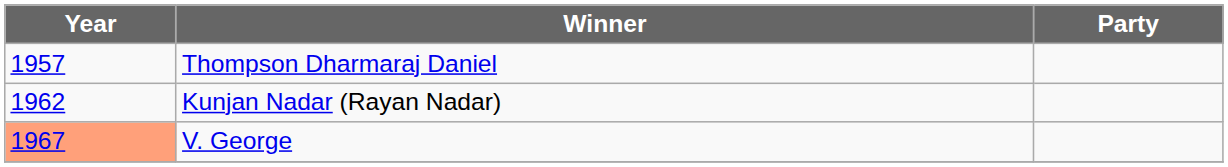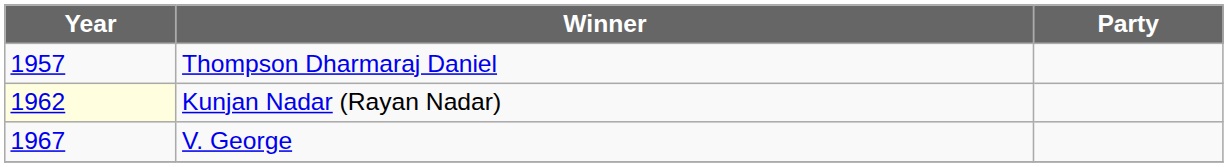 <table class="wikitable" width="50%">
 <tr>
 <th style="background-color:#666666; color:white">Year</th>
 <th style="background-color:#666666; color:white">Winner</th>
 <th style="background-color:#666666; color:white" colspan="2">Party</th>
 </tr>
 <tr>
 <td><a href='#'>1957</a></td>
 <td><a href='#'>Thompson Dharmaraj Daniel</a></td>
 <td></td>
 </tr>
 <tr>
-<td><a href='#'>1962</a></td>
+<td style="background: lightyellow;"><a href='#'>1962</a></td>
 <td><a href='#'>Kunjan Nadar</a> (Rayan Nadar)</td>
 <td></td>
 </tr>
 <tr>
-<td style="background: lightsalmon;"><a href='#'>1967</a></td>
+<td><a href='#'>1967</a></td>
 <td><a href='#'>V. George</a></td>
 <td></td>
 </tr>
 <tr>
 </tr>
 </table>
